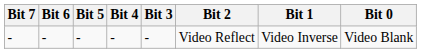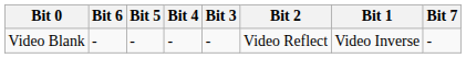 <table class="wikitable">
 <tr>
-<th>Bit 7</th>
+<th>Bit 0</th>
 <th>Bit 6</th>
 <th>Bit 5</th>
 <th>Bit 4</th>
 <th>Bit 3</th>
 <th>Bit 2</th>
 <th>Bit 1</th>
-<th>Bit 0</th>
+<th>Bit 7</th>
 </tr>
 <tr>
-<td>-</td>
+<td>Video Blank</td>
 <td>-</td>
 <td>-</td>
 <td>-</td>
 <td>-</td>
 <td>Video Reflect</td>
 <td>Video Inverse</td>
-<td>Video Blank</td>
+<td>-</td>
 </tr>
 </table>
